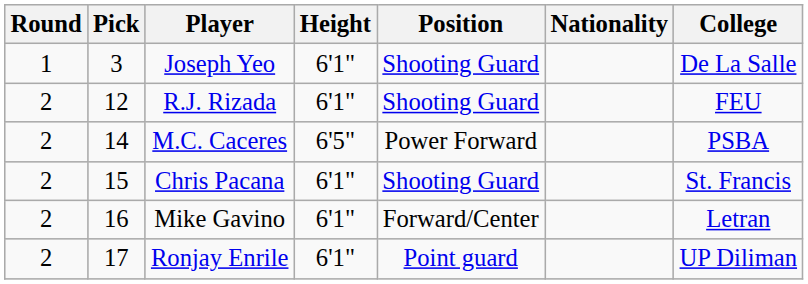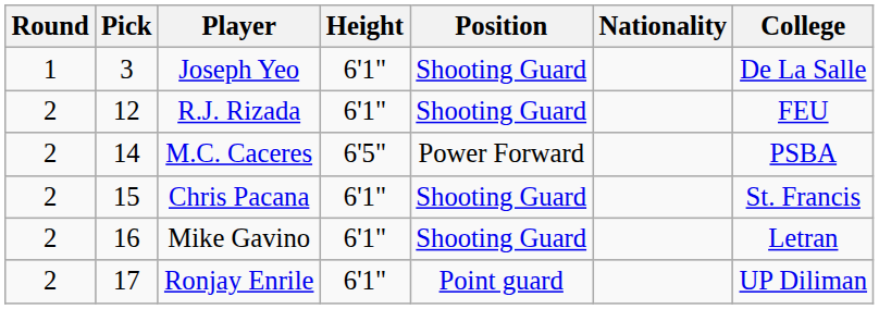 <table class="wikitable sortable sortable">
 <tr>
 <th>Round</th>
 <th>Pick</th>
 <th>Player</th>
 <th>Height</th>
 <th>Position</th>
 <th>Nationality</th>
 <th>College</th>
 </tr>
 <tr style="text-align: center">
 <td>1</td>
 <td>3</td>
 <td><a href='#'>Joseph Yeo</a></td>
 <td>6'1"</td>
 <td><a href='#'>Shooting Guard</a></td>
 <td></td>
 <td><a href='#'>De La Salle</a></td>
 </tr>
 <tr style="text-align: center">
 <td>2</td>
 <td>12</td>
 <td><a href='#'>R.J. Rizada</a></td>
 <td>6'1"</td>
 <td><a href='#'>Shooting Guard</a></td>
 <td></td>
 <td><a href='#'>FEU</a></td>
 </tr>
 <tr style="text-align: center">
 <td>2</td>
 <td>14</td>
 <td><a href='#'>M.C. Caceres</a></td>
 <td>6'5"</td>
 <td>Power Forward</td>
 <td></td>
 <td><a href='#'>PSBA</a></td>
 </tr>
 <tr style="text-align: center">
 <td>2</td>
 <td>15</td>
 <td><a href='#'>Chris Pacana</a></td>
 <td>6'1"</td>
 <td><a href='#'>Shooting Guard</a></td>
 <td></td>
 <td><a href='#'>St. Francis</a></td>
 </tr>
 <tr style="text-align: center">
 <td>2</td>
 <td>16</td>
 <td>Mike Gavino</td>
 <td>6'1"</td>
-<td>Forward/Center</td>
+<td><a href='#'>Shooting Guard</a></td>
 <td></td>
 <td><a href='#'>Letran</a></td>
 </tr>
 <tr style="text-align: center">
 <td>2</td>
 <td>17</td>
 <td><a href='#'>Ronjay Enrile</a></td>
 <td>6'1"</td>
 <td><a href='#'>Point guard</a></td>
 <td></td>
 <td><a href='#'>UP Diliman</a></td>
 </tr>
 </table>
